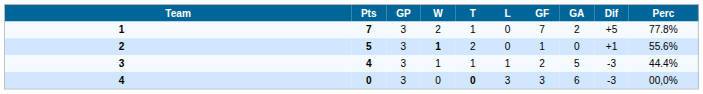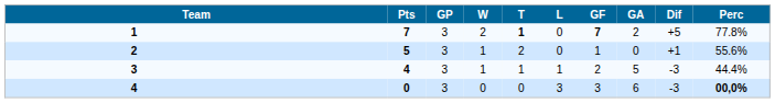 <table align=center cellpadding="4" cellspacing="0" style="background: #f9f9f9; border: 1px #aaa solid; border-collapse: collapse; font-size: 90%;" width=50%>
 <tr align=center bgcolor=#006699 style="color:white;">
 <th width=50% colspan=2>Team</th>
 <th width=5%>Pts</th>
 <th width=5%>GP</th>
 <th width=5%>W</th>
 <th width=5%>T</th>
 <th width=5%>L</th>
 <th width=5%>GF</th>
 <th width=5%>GA</th>
 <th width=5%>Dif</th>
 <th width=10%>Perc</th>
 </tr>
 <tr align=center bgcolor=#F5FAFF>
 <td><strong>1</strong></td>
 <td align=left></td>
 <td><strong>7</strong></td>
 <td>3</td>
 <td>2</td>
-<td>1</td>
+<td><strong>1</strong></td>
 <td>0</td>
-<td>7</td>
+<td><strong>7</strong></td>
 <td>2</td>
 <td>+5</td>
 <td>77.8%</td>
 </tr>
 <tr align=center bgcolor=#D0E7FF>
 <td><strong>2</strong></td>
 <td align=left></td>
 <td><strong>5</strong></td>
 <td>3</td>
-<td><strong>1</strong></td>
+<td>1</td>
 <td>2</td>
 <td>0</td>
 <td>1</td>
 <td>0</td>
 <td>+1</td>
 <td>55.6%</td>
 </tr>
 <tr align=center bgcolor=#F5FAFF>
 <td><strong>3</strong></td>
 <td align=left></td>
 <td><strong>4</strong></td>
 <td>3</td>
 <td>1</td>
 <td>1</td>
 <td>1</td>
 <td>2</td>
 <td>5</td>
 <td>-3</td>
 <td>44.4%</td>
 </tr>
 <tr align=center bgcolor=#D0E7FF>
 <td><strong>4</strong></td>
 <td align=left></td>
 <td><strong>0</strong></td>
 <td>3</td>
 <td>0</td>
-<td><strong>0</strong></td>
+<td>0</td>
 <td>3</td>
 <td>3</td>
 <td>6</td>
 <td>-3</td>
-<td>00,0%</td>
+<td><strong>00,0%</strong></td>
 </tr>
 <tr align=center bgcolor=#F5FAFF>
 </tr>
 </table>
